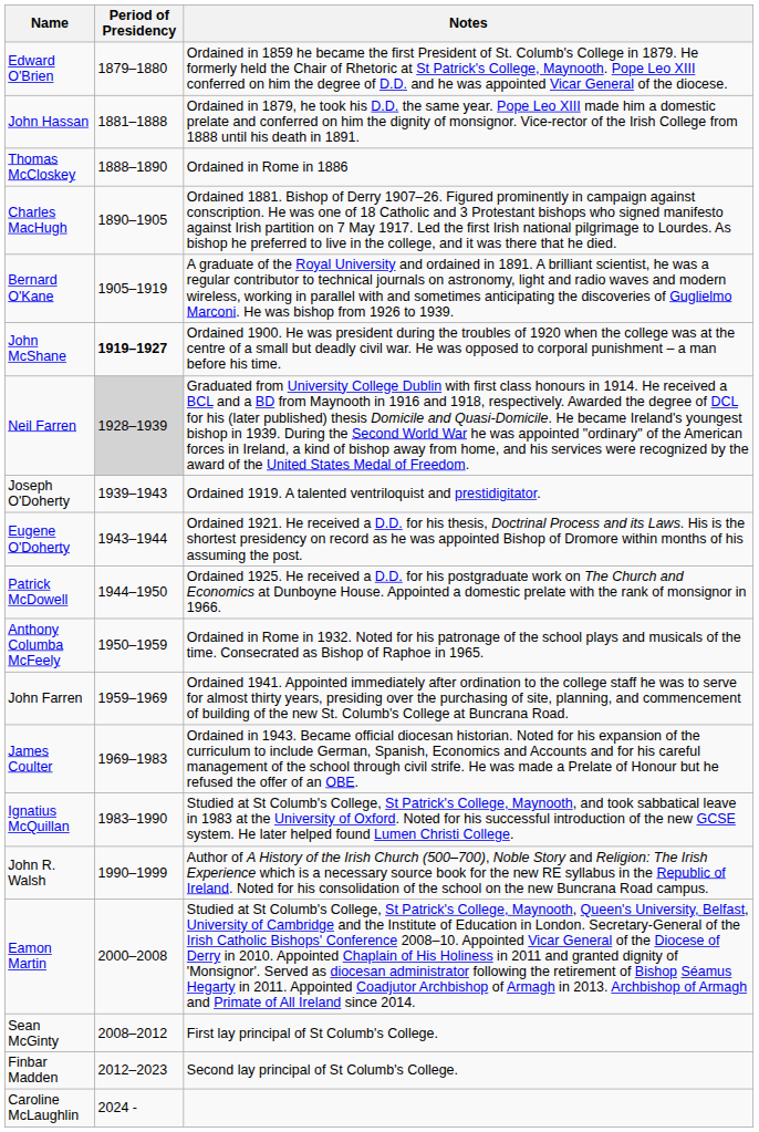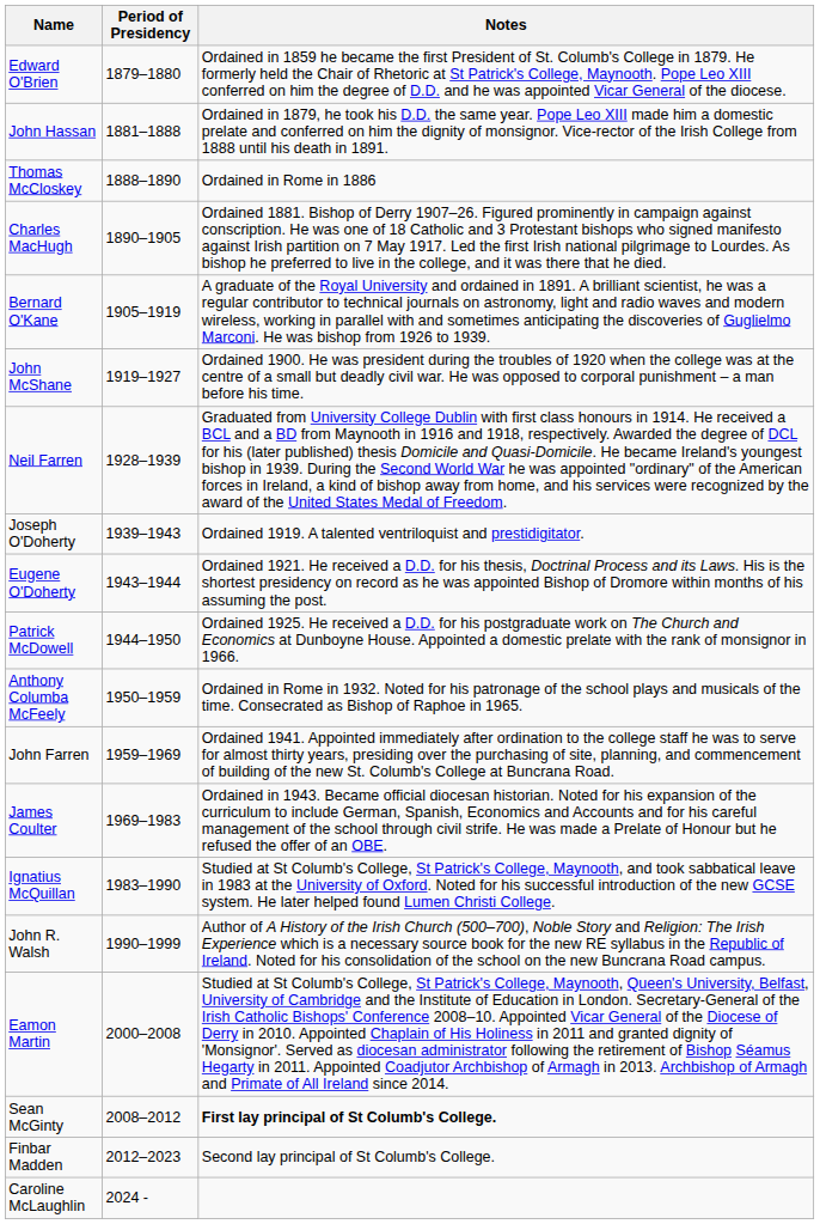 <table class="wikitable" border="1">
 <tr List of Presidents of St Columb's College>
 <th>Name</th>
 <th>Period of Presidency</th>
 <th>Notes</th>
 </tr>
 <tr>
 <td><a href='#'>Edward O'Brien</a></td>
 <td>1879–1880</td>
 <td>Ordained in 1859 he became the first President of St. Columb's College in 1879. He formerly held the Chair of Rhetoric at <a href='#'>St Patrick's College, Maynooth</a>. <a href='#'>Pope Leo XIII</a> conferred on him the degree of <a href='#'>D.D.</a> and he was appointed <a href='#'>Vicar General</a> of the diocese.</td>
 </tr>
 <tr>
 <td><a href='#'>John Hassan</a></td>
 <td>1881–1888</td>
 <td>Ordained in 1879, he took his <a href='#'>D.D.</a> the same year. <a href='#'>Pope Leo XIII</a> made him a domestic prelate and conferred on him the dignity of monsignor. Vice-rector of the Irish College from 1888 until his death in 1891.</td>
 </tr>
 <tr>
 <td><a href='#'>Thomas McCloskey</a></td>
 <td>1888–1890</td>
 <td>Ordained in Rome in 1886</td>
 </tr>
 <tr>
 <td><a href='#'>Charles MacHugh</a></td>
 <td>1890–1905</td>
 <td>Ordained 1881. Bishop of Derry 1907–26. Figured prominently in campaign against conscription. He was one of 18 Catholic and 3 Protestant bishops who signed manifesto against Irish partition on 7 May 1917. Led the first Irish national pilgrimage to Lourdes. As bishop he preferred to live in the college, and it was there that he died.</td>
 </tr>
 <tr>
 <td><a href='#'>Bernard O'Kane</a></td>
 <td>1905–1919</td>
 <td>A graduate of the <a href='#'>Royal University</a> and ordained in 1891. A brilliant scientist, he was a regular contributor to technical journals on astronomy, light and radio waves and modern wireless, working in parallel with and sometimes anticipating the discoveries of <a href='#'>Guglielmo Marconi</a>. He was bishop from 1926 to 1939.</td>
 </tr>
 <tr>
 <td><a href='#'>John McShane</a></td>
-<td><strong>1919–1927</strong></td>
+<td>1919–1927</td>
 <td>Ordained 1900. He was president during the troubles of 1920 when the college was at the centre of a small but deadly civil war. He was opposed to corporal punishment – a man before his time.</td>
 </tr>
 <tr>
 <td><a href='#'>Neil Farren</a></td>
-<td style="background: lightgrey;">1928–1939</td>
+<td>1928–1939</td>
 <td>Graduated from <a href='#'>University College Dublin</a> with first class honours in 1914. He received a <a href='#'>BCL</a> and a <a href='#'>BD</a> from Maynooth in 1916 and 1918, respectively. Awarded the degree of <a href='#'>DCL</a> for his (later published) thesis <em>Domicile and Quasi-Domicile</em>. He became Ireland's youngest bishop in 1939. During the <a href='#'>Second World War</a> he was appointed "ordinary" of the American forces in Ireland, a kind of bishop away from home, and his services were recognized by the award of the <a href='#'>United States Medal of Freedom</a>.</td>
 </tr>
 <tr>
 <td>Joseph O'Doherty</td>
 <td>1939–1943</td>
 <td>Ordained 1919. A talented ventriloquist and <a href='#'>prestidigitator</a>.</td>
 </tr>
 <tr>
 <td><a href='#'>Eugene O'Doherty</a></td>
 <td>1943–1944</td>
 <td>Ordained 1921. He received a <a href='#'>D.D.</a> for his thesis, <em>Doctrinal Process and its Laws</em>. His is the shortest presidency on record as he was appointed Bishop of Dromore within months of his assuming the post.</td>
 </tr>
 <tr>
 <td><a href='#'>Patrick McDowell</a></td>
 <td>1944–1950</td>
 <td>Ordained 1925. He received a <a href='#'>D.D.</a> for his postgraduate work on <em>The Church and Economics</em> at Dunboyne House. Appointed a domestic prelate with the rank of monsignor in 1966.</td>
 </tr>
 <tr>
 <td><a href='#'>Anthony Columba McFeely</a></td>
 <td>1950–1959</td>
 <td>Ordained in Rome in 1932. Noted for his patronage of the school plays and musicals of the time. Consecrated as Bishop of Raphoe in 1965.</td>
 </tr>
 <tr>
 <td>John Farren</td>
 <td>1959–1969</td>
 <td>Ordained 1941. Appointed immediately after ordination to the college staff he was to serve for almost thirty years, presiding over the purchasing of site, planning, and commencement of building of the new St. Columb's College at Buncrana Road.</td>
 </tr>
 <tr>
 <td><a href='#'>James Coulter</a></td>
 <td>1969–1983</td>
 <td>Ordained in 1943. Became official diocesan historian. Noted for his expansion of the curriculum to include German, Spanish, Economics and Accounts and for his careful management of the school through civil strife. He was made a Prelate of Honour but he refused the offer of an <a href='#'>OBE</a>.</td>
 </tr>
 <tr>
 <td><a href='#'>Ignatius McQuillan</a></td>
 <td>1983–1990</td>
 <td>Studied at St Columb's College, <a href='#'>St Patrick's College, Maynooth</a>, and took sabbatical leave in 1983 at the <a href='#'>University of Oxford</a>. Noted for his successful introduction of the new <a href='#'>GCSE</a> system. He later helped found <a href='#'>Lumen Christi College</a>.</td>
 </tr>
 <tr>
 <td>John R. Walsh</td>
 <td>1990–1999</td>
 <td>Author of <em>A History of the Irish Church (500–700)</em>, <em>Noble Story</em> and <em>Religion: The Irish Experience</em> which is a necessary source book for the new RE syllabus in the <a href='#'>Republic of Ireland</a>. Noted for his consolidation of the school on the new Buncrana Road campus.</td>
 </tr>
 <tr>
 <td><a href='#'>Eamon Martin</a></td>
 <td>2000–2008</td>
 <td>Studied at St Columb's College, <a href='#'>St Patrick's College, Maynooth</a>, <a href='#'>Queen's University, Belfast</a>, <a href='#'>University of Cambridge</a> and the Institute of Education in London. Secretary-General of the <a href='#'>Irish Catholic Bishops' Conference</a> 2008–10. Appointed <a href='#'>Vicar General</a> of the <a href='#'>Diocese of Derry</a> in 2010. Appointed <a href='#'>Chaplain of His Holiness</a> in 2011 and granted dignity of 'Monsignor'. Served as <a href='#'>diocesan administrator</a> following the retirement of <a href='#'>Bishop</a> <a href='#'>Séamus Hegarty</a> in 2011. Appointed <a href='#'>Coadjutor Archbishop</a> of <a href='#'>Armagh</a> in 2013. <a href='#'>Archbishop of Armagh</a> and <a href='#'>Primate of All Ireland</a> since 2014.</td>
 </tr>
 <tr>
 <td>Sean McGinty</td>
 <td>2008–2012</td>
-<td>First lay principal of St Columb's College.</td>
+<td><strong>First lay principal of St Columb's College.</strong></td>
 </tr>
 <tr>
 <td>Finbar Madden</td>
 <td>2012–2023</td>
 <td>Second lay principal of St Columb's College.</td>
 </tr>
 <tr>
 <td>Caroline McLaughlin</td>
 <td>2024 -</td>
 </tr>
 </table>
